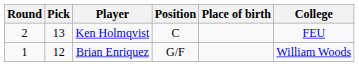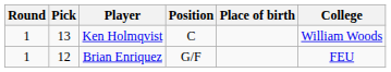 <table class="wikitable sortable sortable" style="text-align:center">
 <tr>
 <th>Round</th>
 <th>Pick</th>
 <th>Player</th>
 <th>Position</th>
 <th>Place of birth</th>
 <th>College</th>
 </tr>
 <tr>
-<td>2</td>
+<td>1</td>
 <td>13</td>
 <td><a href='#'>Ken Holmqvist</a></td>
 <td>C</td>
 <td></td>
-<td><a href='#'>FEU</a></td>
+<td><a href='#'>William Woods</a></td>
 </tr>
 <tr>
 <td>1</td>
 <td>12</td>
 <td><a href='#'>Brian Enriquez</a></td>
 <td>G/F</td>
 <td></td>
-<td><a href='#'>William Woods</a></td>
+<td><a href='#'>FEU</a></td>
 </tr>
 </table>
